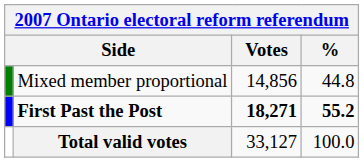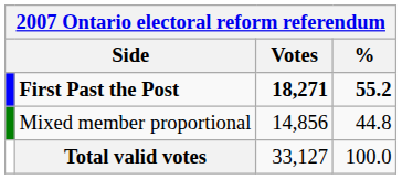 <table class="wikitable" style="font-size: 95%; clear:both">
 <tr style="background-color:#E9E9E9">
 <th colspan=4><a href='#'>2007 Ontario electoral reform referendum</a></th>
 </tr>
 <tr style="background-color:#E9E9E9">
 <th colspan=2 style="width: 130px">Side</th>
 <th style="text-align:center; width: 50px">Votes</th>
 <th style="text-align:center; width: 40px">%</th>
 </tr>
 <tr>
+<td bgcolor="blue"></td>
+<td><strong>First Past the Post</strong></td>
+<td style="text-align:right;"><strong>18,271</strong></td>
+<td style="text-align:right;"><strong>55.2</strong></td>
+</tr>
+<tr>
 <td bgcolor="green"></td>
 <td>Mixed member proportional</td>
 <td style="text-align:right;">14,856</td>
 <td style="text-align:right;">44.8</td>
-</tr>
-<tr>
-<td bgcolor="blue"></td>
-<td><strong>First Past the Post</strong></td>
-<td style="text-align:right;"><strong>18,271</strong></td>
-<td style="text-align:right;"><strong>55.2</strong></td>
 </tr>
 <tr>
 <td bgcolor="white"></td>
 <th>Total valid votes</th>
 <td style="text-align:right;">33,127</td>
 <td style="text-align:right;">100.0</td>
 </tr>
 </table>
